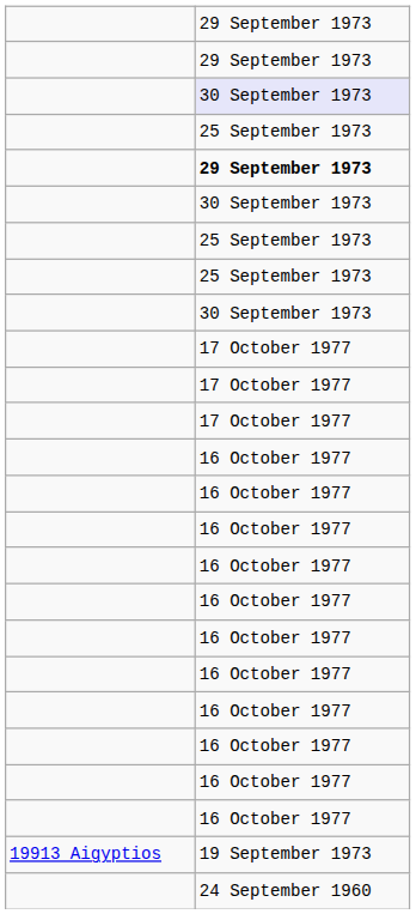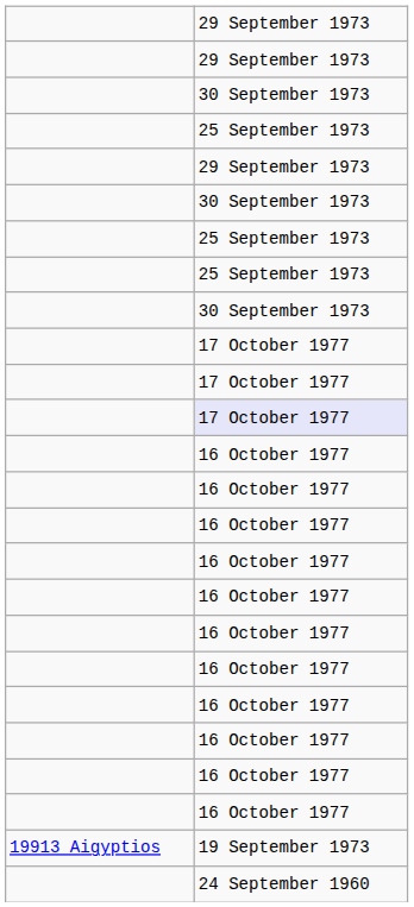 <table class="wikitable" style="font-size: 89%; float: left; width: 24em; margin-right: 1em; line-height: 1.65em">
 <tr>
 <td></td>
 <td>29 September 1973</td>
 </tr>
 <tr>
 <td></td>
 <td>29 September 1973</td>
 </tr>
 <tr>
 <td></td>
-<td style="background: lavender;">30 September 1973</td>
+<td>30 September 1973</td>
 </tr>
 <tr>
 <td></td>
 <td>25 September 1973</td>
 </tr>
 <tr>
 <td></td>
-<td><strong>29 September 1973</strong></td>
+<td>29 September 1973</td>
 </tr>
 <tr>
 <td></td>
 <td>30 September 1973</td>
 </tr>
 <tr>
 <td></td>
 <td>25 September 1973</td>
 </tr>
 <tr>
 <td></td>
 <td>25 September 1973</td>
 </tr>
 <tr>
 <td></td>
 <td>30 September 1973</td>
 </tr>
 <tr>
 <td></td>
 <td>17 October 1977</td>
 </tr>
 <tr>
 <td></td>
 <td>17 October 1977</td>
 </tr>
 <tr>
 <td></td>
-<td>17 October 1977</td>
+<td style="background: lavender;">17 October 1977</td>
 </tr>
 <tr>
 <td></td>
 <td>16 October 1977</td>
 </tr>
 <tr>
 <td></td>
 <td>16 October 1977</td>
 </tr>
 <tr>
 <td></td>
 <td>16 October 1977</td>
 </tr>
 <tr>
 <td></td>
 <td>16 October 1977</td>
 </tr>
 <tr>
 <td></td>
 <td>16 October 1977</td>
 </tr>
 <tr>
 <td></td>
 <td>16 October 1977</td>
 </tr>
 <tr>
 <td></td>
 <td>16 October 1977</td>
 </tr>
 <tr>
 <td></td>
 <td>16 October 1977</td>
 </tr>
 <tr>
 <td></td>
 <td>16 October 1977</td>
 </tr>
 <tr>
 <td></td>
 <td>16 October 1977</td>
 </tr>
 <tr>
 <td></td>
 <td>16 October 1977</td>
 </tr>
 <tr>
 <td><a href='#'>19913 Aigyptios</a></td>
 <td>19 September 1973</td>
 </tr>
 <tr>
 <td></td>
 <td>24 September 1960</td>
 </tr>
 </table>
